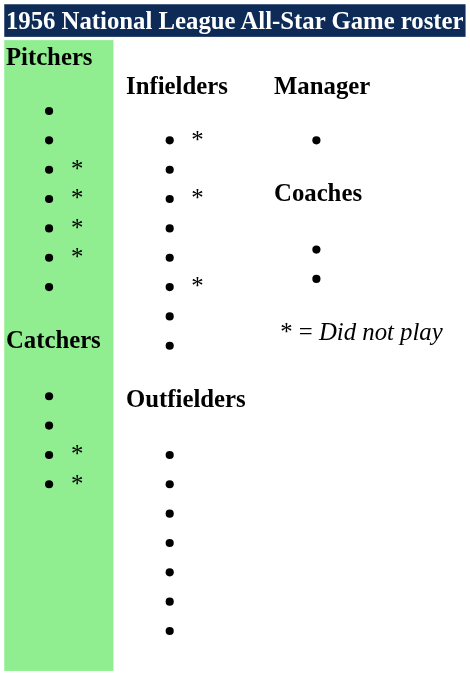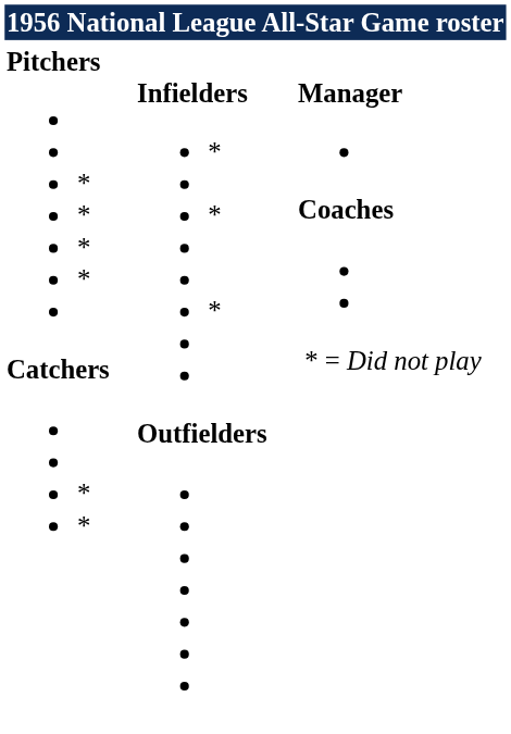 <table class="toccolours" style="font-size: 95%;">
 <tr>
 <th colspan=10 style="background-color:  #0d2b56; color: #FFFFFF; text-align: center;">1956 National League All-Star Game roster</th>
 </tr>
 <tr>
-<td valign="top" style="background: lightgreen;"><strong>Pitchers</strong><br><ul><li></li><li></li><li> *</li><li> *</li><li> *</li><li> *</li><li></li></ul><strong>Catchers</strong><ul><li></li><li></li><li> *</li><li> *</li></ul></td>
+<td valign="top"><strong>Pitchers</strong><br><ul><li></li><li></li><li> *</li><li> *</li><li> *</li><li> *</li><li></li></ul><strong>Catchers</strong><ul><li></li><li></li><li> *</li><li> *</li></ul></td>
 <td width="px"></td>
 <td valign="top"><br><strong>Infielders</strong><ul><li> *</li><li></li><li> *</li><li></li><li></li><li> *</li><li></li><li></li></ul><strong>Outfielders</strong><ul><li></li><li></li><li></li><li></li><li></li><li></li><li></li></ul></td>
 <td width="px"></td>
 <td valign="top"><br><strong>Manager</strong><ul><li></li></ul><strong>Coaches</strong><ul><li></li><li></li></ul> * = <em>Did not play</em></td>
 </tr>
 <tr>
 </tr>
 </table>
